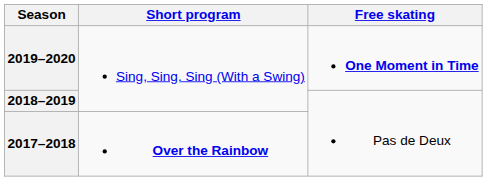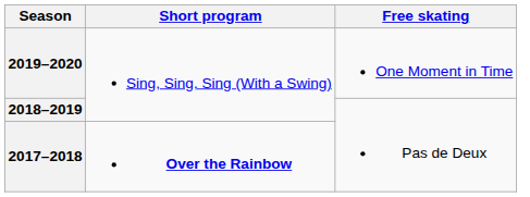 <table class=wikitable style=text-align:center>
 <tr>
 <th>Season</th>
 <th><a href='#'>Short program</a></th>
 <th><a href='#'>Free skating</a></th>
 </tr>
 <tr>
 <th>2019–2020<br></th>
 <td rowspan=2><br><ul><li><a href='#'>Sing, Sing, Sing (With a Swing)</a><br></li></ul></td>
-<td><strong><br><ul><li><a href='#'>One Moment in Time</a><br></li></ul></strong></td>
+<td><br><ul><li><a href='#'>One Moment in Time</a><br></li></ul></td>
 </tr>
 <tr>
 <th>2018–2019<br></th>
 <td rowspan=2><br><ul><li>Pas de Deux<br></li></ul></td>
 </tr>
 <tr>
 <th>2017–2018<br></th>
 <td><strong><br><ul><li><a href='#'>Over the Rainbow</a><br></li></ul></strong></td>
 </tr>
 </table>
